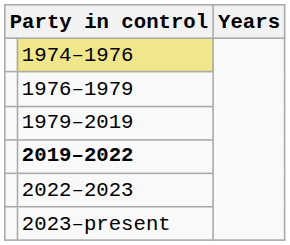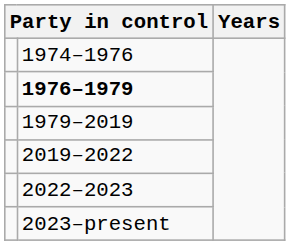 <table class="wikitable">
 <tr>
 <th colspan=2>Party in control</th>
 <th>Years</th>
 </tr>
 <tr>
 <td></td>
-<td style="background: khaki;">1974–1976</td>
+<td>1974–1976</td>
 </tr>
 <tr>
 <td></td>
-<td>1976–1979</td>
+<td><strong>1976–1979</strong></td>
 </tr>
 <tr>
 <td></td>
 <td>1979–2019</td>
 </tr>
 <tr>
 <td></td>
-<td><strong>2019–2022</strong></td>
+<td>2019–2022</td>
 </tr>
 <tr>
 <td></td>
 <td>2022–2023</td>
 </tr>
 <tr>
 <td></td>
 <td>2023–present</td>
 </tr>
 </table>
